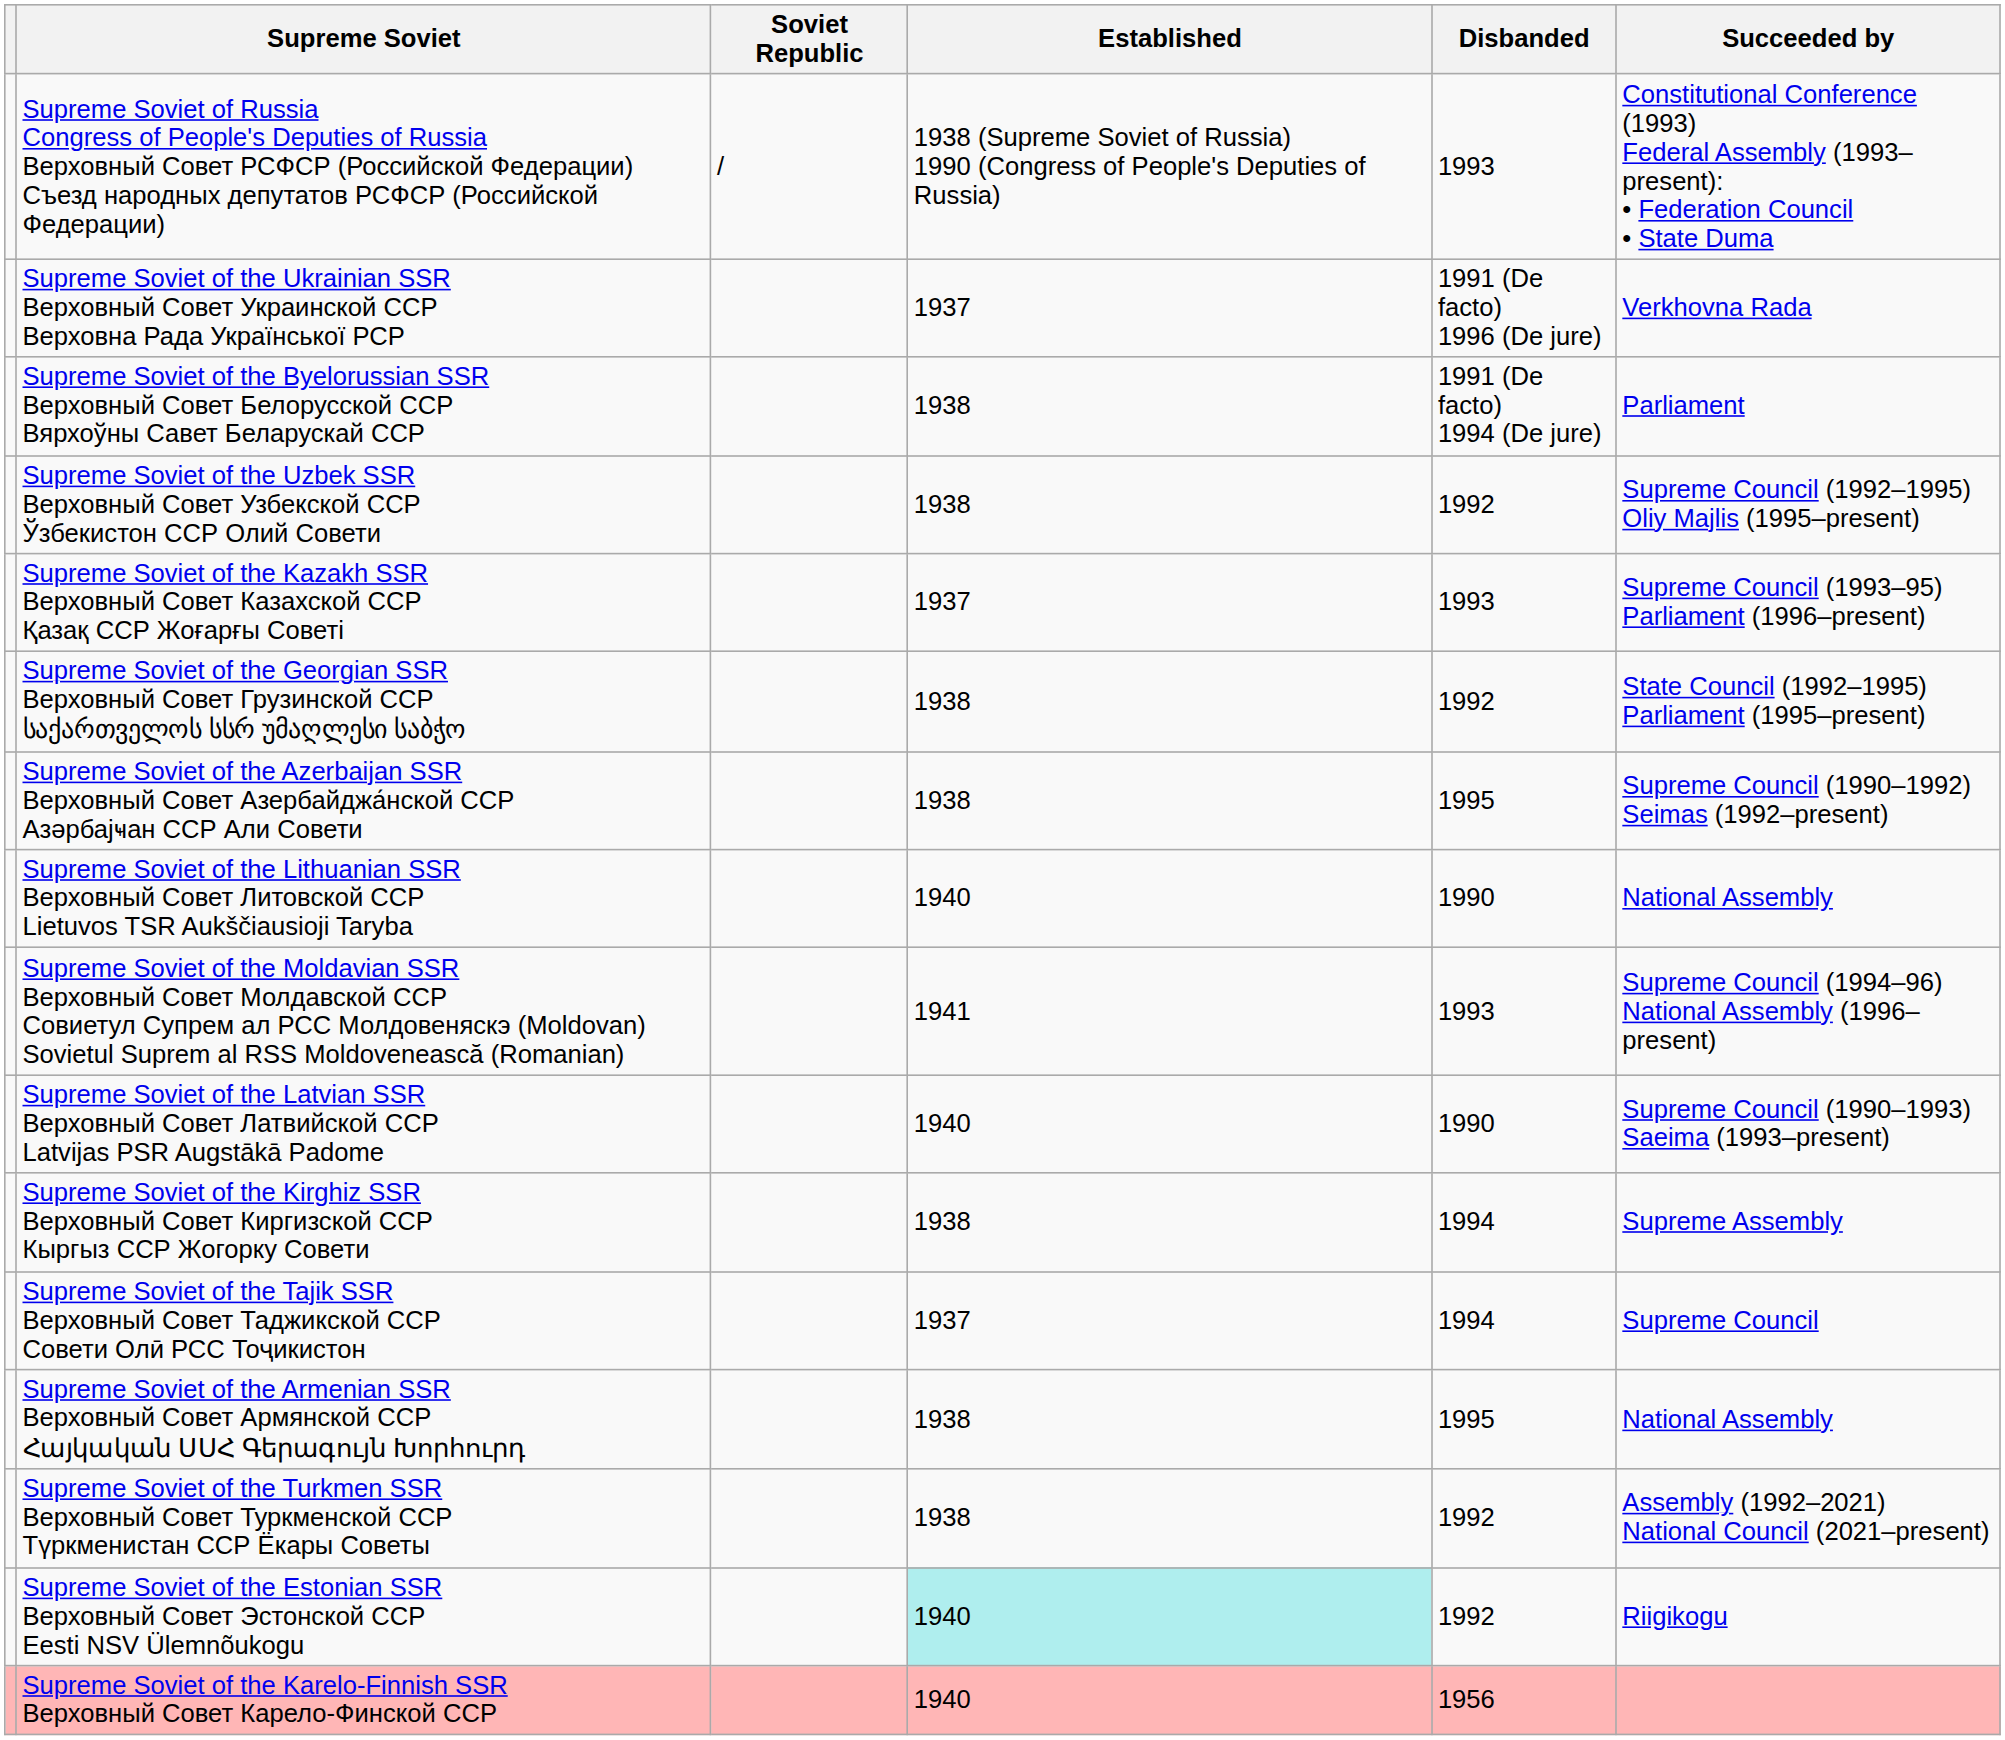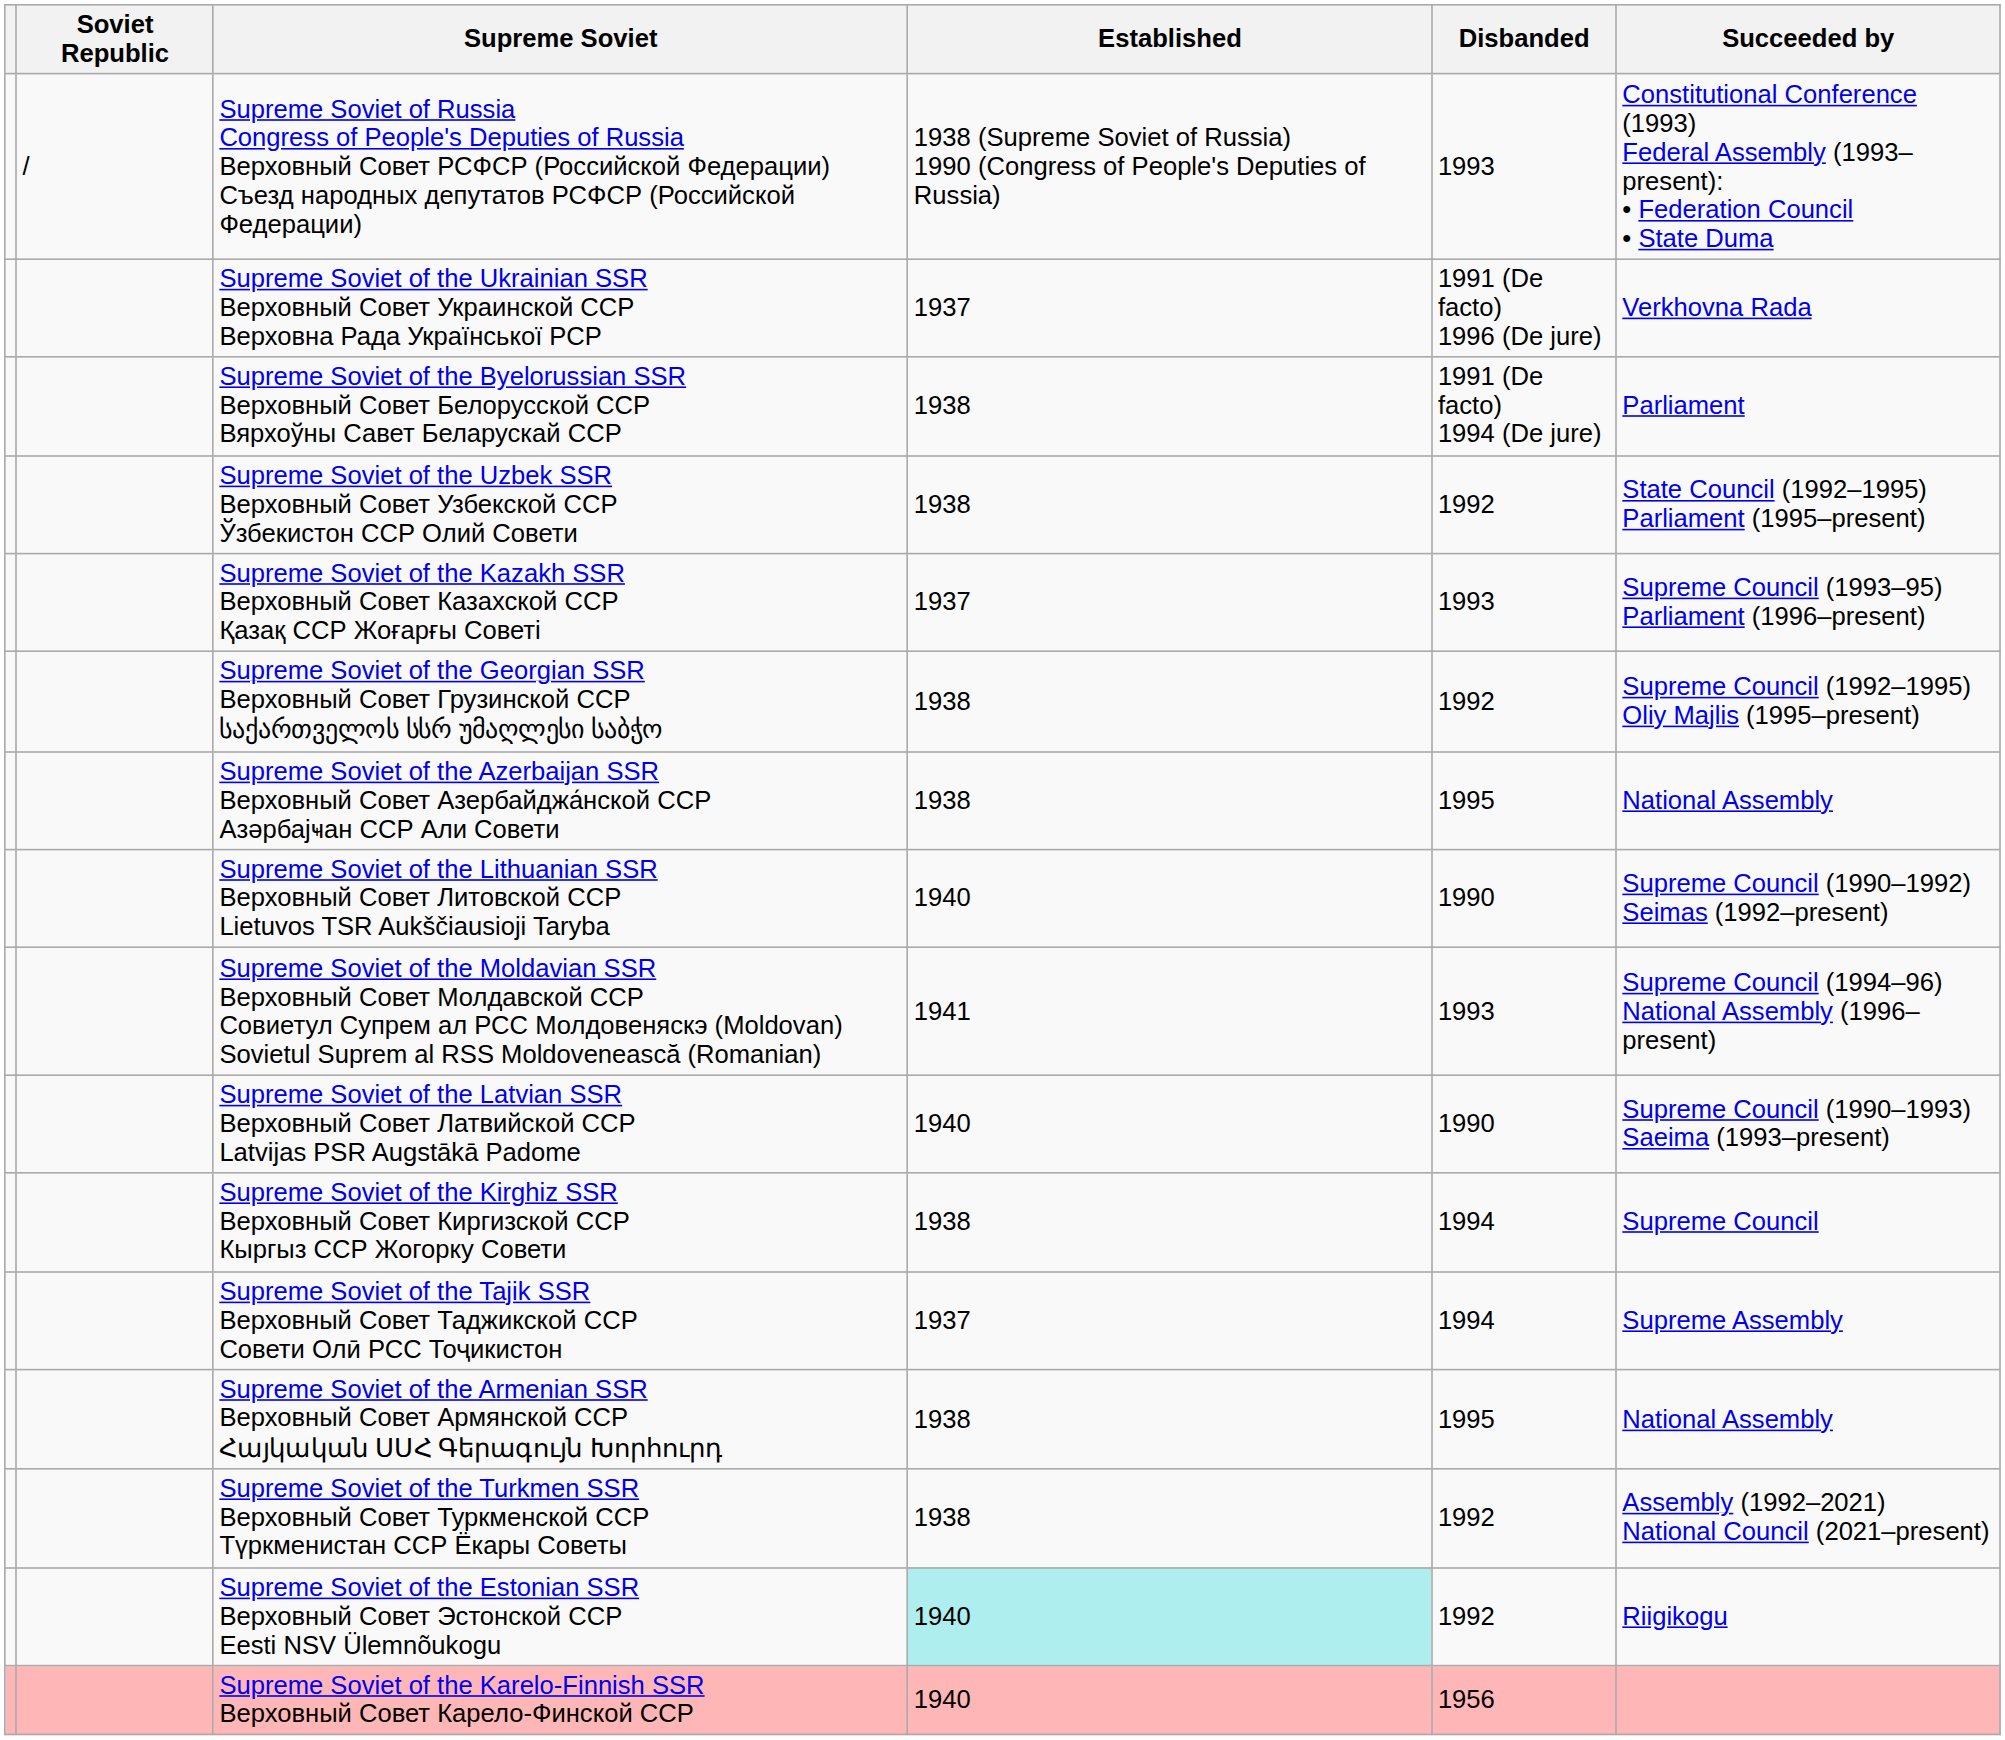 <table class="wikitable sortable">
 <tr>
 <th class="unsortable"></th>
+<th>Soviet Republic</th>
 <th>Supreme Soviet</th>
-<th>Soviet Republic</th>
 <th>Established</th>
 <th>Disbanded</th>
 <th>Succeeded by</th>
 </tr>
 <tr>
 <td></td>
+<td>/</td>
 <td><a href='#'>Supreme Soviet of Russia</a><br><a href='#'>Congress of People's Deputies of Russia</a><br>Верховный Совет РСФСР (Российской Федерации)<br>Съезд народных депутатов РСФСР (Российской Федерации)</td>
-<td>/</td>
 <td>1938 (Supreme Soviet of Russia)<br>1990 (Congress of People's Deputies of Russia)</td>
 <td>1993</td>
 <td> <a href='#'>Constitutional Conference</a> (1993)<br> <a href='#'>Federal Assembly</a> (1993–present):<br>• <a href='#'>Federation Council</a><br>• <a href='#'>State Duma</a></td>
 </tr>
 <tr>
 <td></td>
+<td></td>
 <td><a href='#'>Supreme Soviet of the Ukrainian SSR</a><br>Верховный Совет Украинской ССР <br> Верховна Рада Української РСР</td>
-<td></td>
 <td>1937</td>
 <td>1991 (De facto)<br>1996 (De jure)</td>
 <td> <a href='#'>Verkhovna Rada</a></td>
 </tr>
 <tr>
 <td></td>
+<td></td>
 <td><a href='#'>Supreme Soviet of the Byelorussian SSR</a><br>Верховный Совет Белорусской ССР <br> Вярхоўны Савет Беларускай ССР</td>
-<td></td>
 <td>1938</td>
 <td>1991 (De facto)<br>1994 (De jure)</td>
 <td> <a href='#'>Parliament</a></td>
 </tr>
 <tr>
 <td></td>
+<td></td>
 <td><a href='#'>Supreme Soviet of the Uzbek SSR</a><br>Верховный Совет Узбекской ССР <br> Ўзбекистон ССР Олий Совети</td>
+<td>1938</td>
+<td>1992</td>
+<td> <a href='#'>State Council</a> (1992–1995)<br> <a href='#'>Parliament</a> (1995–present)</td>
+</tr>
+<tr>
 <td></td>
+<td></td>
+<td><a href='#'>Supreme Soviet of the Kazakh SSR</a><br>Верховный Совет Казахской ССР <br> Қазақ ССР Жоғарғы Советі</td>
+<td>1937</td>
+<td>1993</td>
+<td> <a href='#'>Supreme Council</a> (1993–95)<br> <a href='#'>Parliament</a> (1996–present)</td>
+</tr>
+<tr>
+<td></td>
+<td></td>
+<td><a href='#'>Supreme Soviet of the Georgian SSR</a><br>Верховный Совет Грузинской ССР <br> საქართველოს სსრ უმაღლესი საბჭო</td>
 <td>1938</td>
 <td>1992</td>
 <td> <a href='#'>Supreme Council</a> (1992–1995)<br> <a href='#'>Oliy Majlis</a> (1995–present)</td>
 </tr>
 <tr>
 <td></td>
-<td><a href='#'>Supreme Soviet of the Kazakh SSR</a><br>Верховный Совет Казахской ССР <br> Қазақ ССР Жоғарғы Советі</td>
 <td></td>
-<td>1937</td>
-<td>1993</td>
-<td> <a href='#'>Supreme Council</a> (1993–95)<br> <a href='#'>Parliament</a> (1996–present)</td>
+<td><a href='#'>Supreme Soviet of the Azerbaijan SSR</a><br>Верховный Совет Азербайджа́нской ССР <br> Азәрбаjҹан ССР Али Совети</td>
+<td>1938</td>
+<td>1995</td>
+<td> <a href='#'>National Assembly</a></td>
 </tr>
 <tr>
 <td></td>
-<td><a href='#'>Supreme Soviet of the Georgian SSR</a><br>Верховный Совет Грузинской ССР <br> საქართველოს სსრ უმაღლესი საბჭო</td>
 <td></td>
-<td>1938</td>
-<td>1992</td>
-<td> <a href='#'>State Council</a> (1992–1995)<br> <a href='#'>Parliament</a> (1995–present)</td>
-</tr>
-<tr>
-<td></td>
-<td><a href='#'>Supreme Soviet of the Azerbaijan SSR</a><br>Верховный Совет Азербайджа́нской ССР <br> Азәрбаjҹан ССР Али Совети</td>
-<td></td>
-<td>1938</td>
-<td>1995</td>
+<td><a href='#'>Supreme Soviet of the Lithuanian SSR</a><br>Верховный Совет Литовской ССР <br> Lietuvos TSR Aukščiausioji Taryba</td>
+<td>1940</td>
+<td>1990</td>
 <td> <a href='#'>Supreme Council</a> (1990–1992)<br> <a href='#'>Seimas</a> (1992–present)</td>
 </tr>
 <tr>
 <td></td>
-<td><a href='#'>Supreme Soviet of the Lithuanian SSR</a><br>Верховный Совет Литовской ССР <br> Lietuvos TSR Aukščiausioji Taryba</td>
-<td></td>
-<td>1940</td>
-<td>1990</td>
-<td> <a href='#'>National Assembly</a></td>
-</tr>
-<tr>
 <td></td>
 <td><a href='#'>Supreme Soviet of the Moldavian SSR</a><br>Верховный Совет Молдавской ССР <br> Совиетул Супрем ал РСС Молдовеняскэ (Moldovan) <br> Sovietul Suprem al RSS Moldovenească (Romanian)</td>
-<td></td>
 <td>1941</td>
 <td>1993</td>
 <td> <a href='#'>Supreme Council</a> (1994–96)<br> <a href='#'>National Assembly</a> (1996–present)</td>
 </tr>
 <tr>
 <td></td>
+<td></td>
 <td><a href='#'>Supreme Soviet of the Latvian SSR</a><br>Верховный Совет Латвийской ССР <br> Latvijas PSR Augstākā Padome</td>
-<td></td>
 <td>1940</td>
 <td>1990</td>
 <td> <a href='#'>Supreme Council</a> (1990–1993)<br> <a href='#'>Saeima</a> (1993–present)</td>
 </tr>
 <tr>
 <td></td>
+<td></td>
 <td><a href='#'>Supreme Soviet of the Kirghiz SSR</a><br>Верховный Совет Киргизской ССР <br> Кыргыз ССР Жогорку Совети</td>
+<td>1938</td>
+<td>1994</td>
+<td> <a href='#'>Supreme Council</a></td>
+</tr>
+<tr>
 <td></td>
-<td>1938</td>
+<td></td>
+<td><a href='#'>Supreme Soviet of the Tajik SSR</a><br>Верховный Совет Таджикской ССР <br> Совети Олӣ РСС Тоҷикистон</td>
+<td>1937</td>
 <td>1994</td>
 <td> <a href='#'>Supreme Assembly</a></td>
 </tr>
 <tr>
 <td></td>
-<td><a href='#'>Supreme Soviet of the Tajik SSR</a><br>Верховный Совет Таджикской ССР <br> Совети Олӣ РСС Тоҷикистон</td>
-<td></td>
-<td>1937</td>
-<td>1994</td>
-<td> <a href='#'>Supreme Council</a></td>
-</tr>
-<tr>
 <td></td>
 <td><a href='#'>Supreme Soviet of the Armenian SSR</a><br>Верховный Совет Армянской ССР <br> Հայկական ՍՍՀ Գերագույն Խորհուրդ</td>
-<td></td>
 <td>1938</td>
 <td>1995</td>
 <td> <a href='#'>National Assembly</a></td>
 </tr>
 <tr>
 <td></td>
+<td></td>
 <td><a href='#'>Supreme Soviet of the Turkmen SSR</a><br>Верховный Совет Туркменской ССР <br> Түркменистан ССР Ёкары Советы</td>
-<td></td>
 <td>1938</td>
 <td>1992</td>
 <td> <a href='#'>Assembly</a> (1992–2021)<br> <a href='#'>National Council</a> (2021–present)</td>
 </tr>
 <tr>
 <td></td>
+<td></td>
 <td><a href='#'>Supreme Soviet of the Estonian SSR</a><br>Верховный Совет Эстонской ССР <br> Eesti NSV Ülemnõukogu</td>
-<td></td>
 <td style="background: paleturquoise;">1940</td>
 <td>1992</td>
 <td> <a href='#'>Riigikogu</a></td>
 </tr>
 <tr>
 <td bgcolor=#FFB6B6></td>
+<td bgcolor=#FFB6B6></td>
 <td bgcolor=#FFB6B6><a href='#'>Supreme Soviet of the Karelo-Finnish SSR</a><br>Верховный Совет Карело-Финской ССР</td>
-<td bgcolor=#FFB6B6></td>
 <td bgcolor=#FFB6B6>1940</td>
 <td bgcolor=#FFB6B6>1956</td>
 <td bgcolor=#FFB6B6> </td>
 </tr>
 </table>
